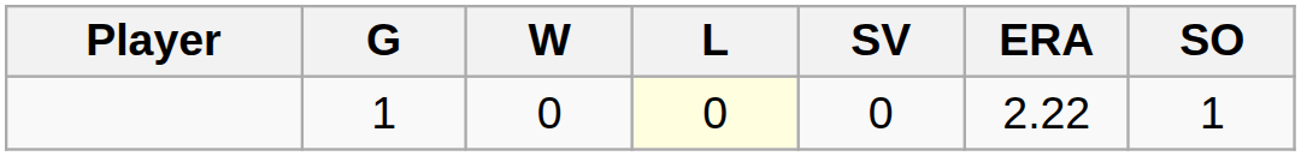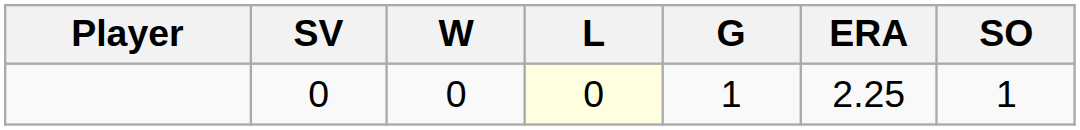 <table class="wikitable sortable">
 <tr>
 <th bgcolor="#DDDDFF" width="16%">Player</th>
-<th bgcolor="#DDDDFF" width="9%">G</th>
+<th bgcolor="#DDDDFF" width="9%">SV</th>
 <th bgcolor="#DDDDFF" width="9%">W</th>
 <th bgcolor="#DDDDFF" width="9%">L</th>
-<th bgcolor="#DDDDFF" width="9%">SV</th>
+<th bgcolor="#DDDDFF" width="9%">G</th>
 <th bgcolor="#DDDDFF" width="9%">ERA</th>
 <th bgcolor="#DDDDFF" width="9%">SO</th>
 </tr>
 <tr align="center">
 <td></td>
-<td>1</td>
+<td>0</td>
 <td>0</td>
 <td style="background: lightyellow;">0</td>
-<td>0</td>
-<td>2.22</td>
+<td>1</td>
+<td>2.25</td>
 <td>1</td>
 </tr>
 </table>
